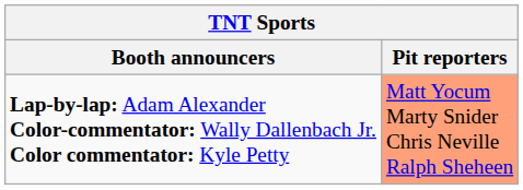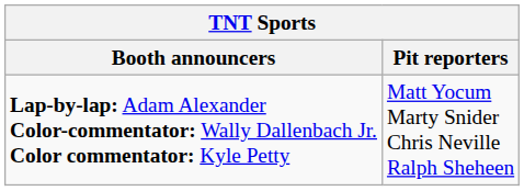 <table class="wikitable" style="font-size: 95%;">
 <tr>
 <th colspan="2"><a href='#'>TNT</a> Sports</th>
 </tr>
 <tr>
 <th>Booth announcers</th>
 <th>Pit reporters</th>
 </tr>
 <tr>
 <td><strong>Lap-by-lap:</strong> <a href='#'>Adam Alexander</a><br><strong>Color-commentator:</strong> <a href='#'>Wally Dallenbach Jr.</a><br><strong>Color commentator:</strong> <a href='#'>Kyle Petty</a></td>
-<td style="background: lightsalmon;"><a href='#'>Matt Yocum</a><br>Marty Snider<br>Chris Neville<br><a href='#'>Ralph Sheheen</a></td>
+<td><a href='#'>Matt Yocum</a><br>Marty Snider<br>Chris Neville<br><a href='#'>Ralph Sheheen</a></td>
 </tr>
 </table>
